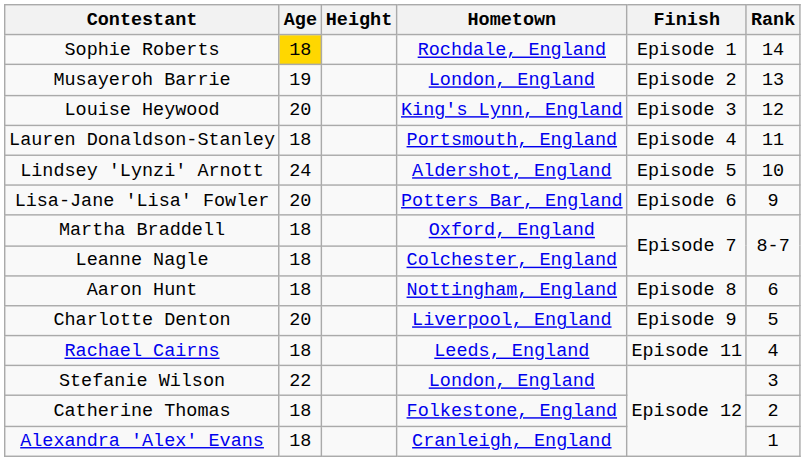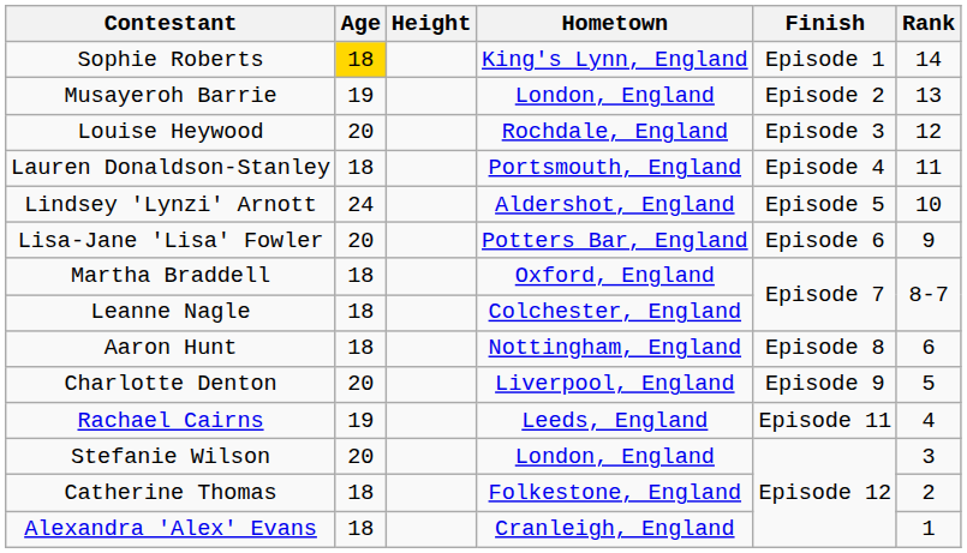 <table class="wikitable sortable" style="text-align:center;">
 <tr>
 <th>Contestant</th>
 <th>Age</th>
 <th>Height</th>
 <th>Hometown</th>
 <th>Finish</th>
 <th>Rank</th>
 </tr>
 <tr>
 <td>Sophie Roberts</td>
 <td style="background: gold;">18</td>
 <td></td>
-<td><a href='#'>Rochdale, England</a></td>
+<td><a href='#'>King's Lynn, England</a></td>
 <td>Episode 1</td>
 <td>14</td>
 </tr>
 <tr>
 <td>Musayeroh Barrie</td>
 <td>19</td>
 <td></td>
 <td><a href='#'>London, England</a></td>
 <td>Episode 2</td>
 <td>13</td>
 </tr>
 <tr>
 <td>Louise Heywood</td>
 <td>20</td>
 <td></td>
-<td><a href='#'>King's Lynn, England</a></td>
+<td><a href='#'>Rochdale, England</a></td>
 <td>Episode 3</td>
 <td>12</td>
 </tr>
 <tr>
 <td>Lauren Donaldson-Stanley</td>
 <td>18</td>
 <td></td>
 <td><a href='#'>Portsmouth, England</a></td>
 <td>Episode 4</td>
 <td>11</td>
 </tr>
 <tr>
 <td>Lindsey 'Lynzi' Arnott</td>
 <td>24</td>
 <td></td>
 <td><a href='#'>Aldershot, England</a></td>
 <td>Episode 5</td>
 <td>10</td>
 </tr>
 <tr>
 <td>Lisa-Jane 'Lisa' Fowler</td>
 <td>20</td>
 <td></td>
 <td><a href='#'>Potters Bar, England</a></td>
 <td>Episode 6</td>
 <td>9</td>
 </tr>
 <tr>
 <td>Martha Braddell</td>
 <td>18</td>
 <td></td>
 <td><a href='#'>Oxford, England</a></td>
 <td rowspan="2">Episode 7</td>
 <td rowspan=2>8-7</td>
 </tr>
 <tr>
 <td>Leanne Nagle</td>
 <td>18</td>
 <td></td>
 <td><a href='#'>Colchester, England</a></td>
 </tr>
 <tr>
 <td>Aaron Hunt</td>
 <td>18</td>
 <td></td>
 <td><a href='#'>Nottingham, England</a></td>
 <td>Episode 8</td>
 <td>6</td>
 </tr>
 <tr>
 <td>Charlotte Denton</td>
 <td>20</td>
 <td></td>
 <td><a href='#'>Liverpool, England</a></td>
 <td>Episode 9</td>
 <td>5</td>
 </tr>
 <tr>
 <td><a href='#'>Rachael Cairns</a></td>
-<td>18</td>
+<td>19</td>
 <td></td>
 <td><a href='#'>Leeds, England</a></td>
 <td>Episode 11</td>
 <td>4</td>
 </tr>
 <tr>
 <td>Stefanie Wilson</td>
-<td>22</td>
+<td>20</td>
 <td></td>
 <td><a href='#'>London, England</a></td>
 <td rowspan=3>Episode 12</td>
 <td>3</td>
 </tr>
 <tr>
 <td>Catherine Thomas</td>
 <td>18</td>
 <td></td>
 <td><a href='#'>Folkestone, England</a></td>
 <td>2</td>
 </tr>
 <tr>
 <td><a href='#'>Alexandra 'Alex' Evans</a></td>
 <td>18</td>
 <td></td>
 <td><a href='#'>Cranleigh, England</a></td>
 <td>1</td>
 </tr>
 </table>
